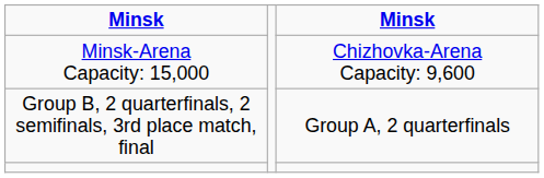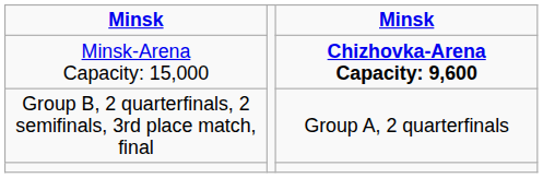 <table class="wikitable" style="text-align:center;" width=440px>
 <tr>
 <td width=220px><strong><a href='#'>Minsk</a></strong></td>
 <td rowspan="4"></td>
 <td width=220px><strong><a href='#'>Minsk</a></strong></td>
 </tr>
 <tr>
 <td><a href='#'>Minsk-Arena</a><br>Capacity: 15,000</td>
-<td><a href='#'>Chizhovka-Arena</a><br>Capacity: 9,600</td>
+<td><strong><a href='#'>Chizhovka-Arena</a><br>Capacity: 9,600</strong></td>
 </tr>
 <tr>
 <td>Group B, 2 quarterfinals, 2 semifinals, 3rd place match, final</td>
 <td>Group A, 2 quarterfinals</td>
 </tr>
 <tr>
 <td></td>
 <td></td>
 </tr>
 </table>
